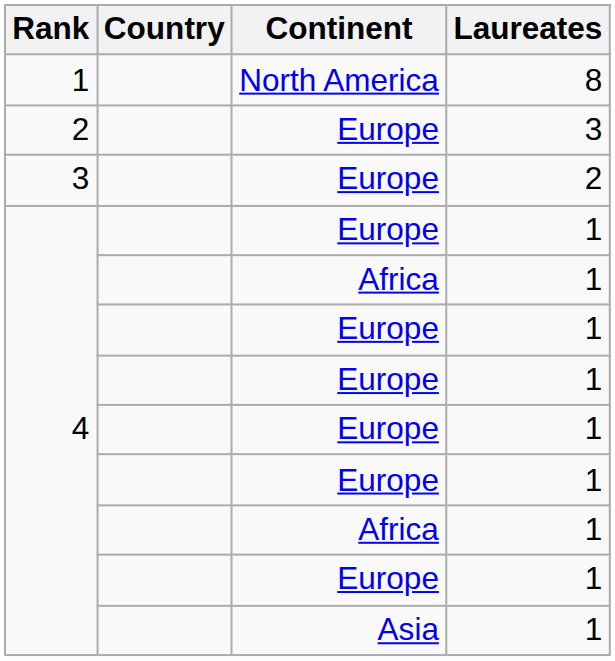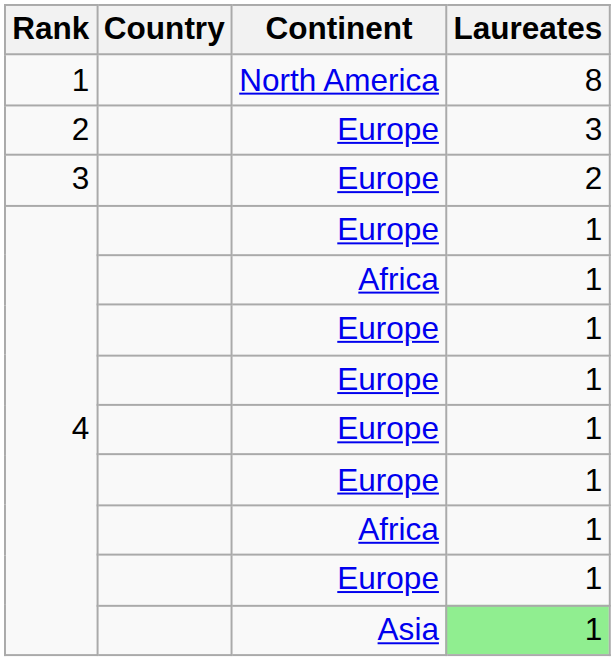 <table class="wikitable sortable" style="text-align: right">
 <tr>
 <th>Rank</th>
 <th>Country</th>
 <th>Continent</th>
 <th>Laureates</th>
 </tr>
 <tr>
 <td>1</td>
 <td style="text-align:left;"></td>
 <td><a href='#'>North America</a></td>
 <td>8</td>
 </tr>
 <tr>
 <td>2</td>
 <td style="text-align:left;"></td>
 <td><a href='#'>Europe</a></td>
 <td>3</td>
 </tr>
 <tr>
 <td>3</td>
 <td style="text-align:left;"></td>
 <td><a href='#'>Europe</a></td>
 <td>2</td>
 </tr>
 <tr>
 <td rowspan="9">4</td>
 <td style="text-align:left;"></td>
 <td><a href='#'>Europe</a></td>
 <td>1</td>
 </tr>
 <tr>
 <td style="text-align:left;"></td>
 <td><a href='#'>Africa</a></td>
 <td>1</td>
 </tr>
 <tr>
 <td style="text-align:left;"></td>
 <td><a href='#'>Europe</a></td>
 <td>1</td>
 </tr>
 <tr>
 <td style="text-align:left;"></td>
 <td><a href='#'>Europe</a></td>
 <td>1</td>
 </tr>
 <tr>
 <td style="text-align:left;"></td>
 <td><a href='#'>Europe</a></td>
 <td>1</td>
 </tr>
 <tr>
 <td style="text-align:left;"></td>
 <td><a href='#'>Europe</a></td>
 <td>1</td>
 </tr>
 <tr>
 <td style="text-align:left;"></td>
 <td><a href='#'>Africa</a></td>
 <td>1</td>
 </tr>
 <tr>
 <td style="text-align:left;"></td>
 <td><a href='#'>Europe</a></td>
 <td>1</td>
 </tr>
 <tr>
 <td style="text-align:left;"></td>
 <td><a href='#'>Asia</a></td>
-<td>1</td>
+<td style="background: lightgreen;">1</td>
 </tr>
 </table>
